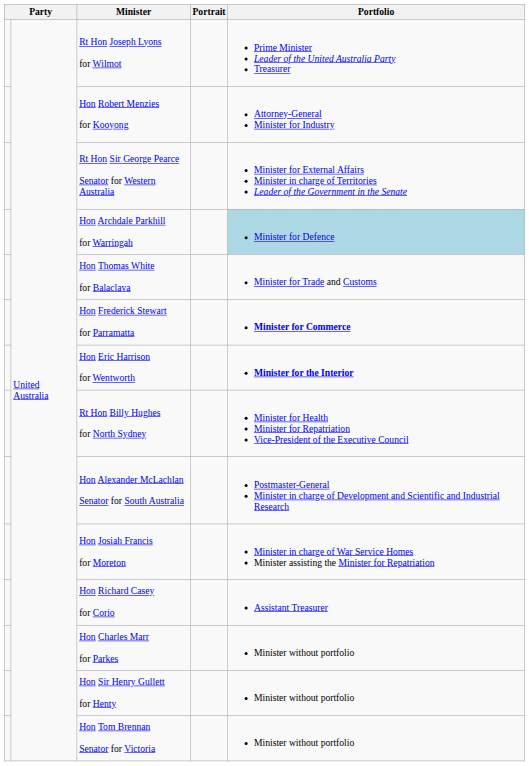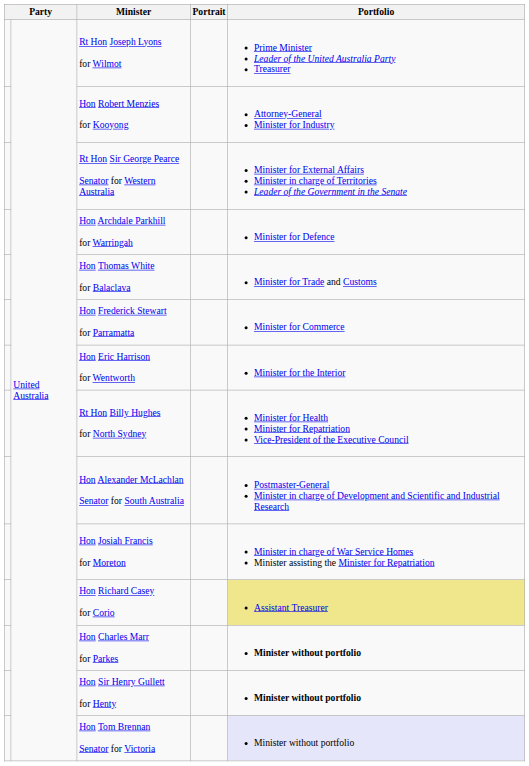 <table class="wikitable sortable">
 <tr>
 <th colspan="2">Party</th>
 <th>Minister</th>
 <th>Portrait</th>
 <th>Portfolio</th>
 </tr>
 <tr>
 <td> </td>
 <td rowspan=14><a href='#'>United Australia</a></td>
 <td><a href='#'>Rt Hon</a> <a href='#'>Joseph Lyons</a> <br><br> for <a href='#'>Wilmot</a> <br></td>
 <td></td>
 <td><br><ul><li><a href='#'>Prime Minister</a></li><li><em><a href='#'>Leader of the United Australia Party</a></em></li><li><a href='#'>Treasurer</a></li></ul></td>
 </tr>
 <tr>
 <td> </td>
 <td><a href='#'>Hon</a> <a href='#'>Robert Menzies</a>  <br><br> for <a href='#'>Kooyong</a> <br></td>
 <td></td>
 <td><br><ul><li><a href='#'>Attorney-General</a></li><li><a href='#'>Minister for Industry</a></li></ul></td>
 </tr>
 <tr>
 <td> </td>
 <td><a href='#'>Rt Hon</a> <a href='#'>Sir George Pearce</a>  <br><br><a href='#'>Senator</a> for <a href='#'>Western Australia</a> <br></td>
 <td></td>
 <td><br><ul><li><a href='#'>Minister for External Affairs</a></li><li><a href='#'>Minister in charge of Territories</a></li><li><em><a href='#'>Leader of the Government in the Senate</a></em></li></ul></td>
 </tr>
 <tr>
 <td> </td>
 <td><a href='#'>Hon</a> <a href='#'>Archdale Parkhill</a> <br><br> for <a href='#'>Warringah</a> <br></td>
 <td></td>
-<td style="background: lightblue;"><br><ul><li><a href='#'>Minister for Defence</a></li></ul></td>
+<td><br><ul><li><a href='#'>Minister for Defence</a></li></ul></td>
 </tr>
 <tr>
 <td> </td>
 <td><a href='#'>Hon</a> <a href='#'>Thomas White</a>   <br><br> for <a href='#'>Balaclava</a> <br></td>
 <td></td>
 <td><br><ul><li><a href='#'>Minister for Trade</a> and <a href='#'>Customs</a></li></ul></td>
 </tr>
 <tr>
 <td> </td>
 <td><a href='#'>Hon</a> <a href='#'>Frederick Stewart</a> <br><br> for <a href='#'>Parramatta</a> <br></td>
 <td></td>
-<td><strong><br><ul><li><a href='#'>Minister for Commerce</a></li></ul></strong></td>
+<td><br><ul><li><a href='#'>Minister for Commerce</a></li></ul></td>
 </tr>
 <tr>
 <td> </td>
 <td><a href='#'>Hon</a> <a href='#'>Eric Harrison</a> <br><br> for <a href='#'>Wentworth</a> <br></td>
 <td></td>
-<td><strong><br><ul><li><a href='#'>Minister for the Interior</a></li></ul></strong></td>
+<td><br><ul><li><a href='#'>Minister for the Interior</a></li></ul></td>
 </tr>
 <tr>
 <td> </td>
 <td><a href='#'>Rt Hon</a> <a href='#'>Billy Hughes</a>  <br><br> for <a href='#'>North Sydney</a> <br></td>
 <td></td>
 <td><br><ul><li><a href='#'>Minister for Health</a></li><li><a href='#'>Minister for Repatriation</a></li><li><a href='#'>Vice-President of the Executive Council</a></li></ul></td>
 </tr>
 <tr>
 <td> </td>
 <td><a href='#'>Hon</a> <a href='#'>Alexander McLachlan</a> <br><br><a href='#'>Senator</a> for <a href='#'>South Australia</a> <br></td>
 <td></td>
 <td><br><ul><li><a href='#'>Postmaster-General</a></li><li><a href='#'>Minister in charge of Development and Scientific and Industrial Research</a></li></ul></td>
 </tr>
 <tr>
 <td> </td>
 <td><a href='#'>Hon</a> <a href='#'>Josiah Francis</a> <br><br> for <a href='#'>Moreton</a> <br></td>
 <td></td>
 <td><br><ul><li><a href='#'>Minister in charge of War Service Homes</a></li><li>Minister assisting the <a href='#'>Minister for Repatriation</a></li></ul></td>
 </tr>
 <tr>
 <td> </td>
 <td><a href='#'>Hon</a> <a href='#'>Richard Casey</a>   <br><br> for <a href='#'>Corio</a> <br></td>
 <td></td>
-<td><br><ul><li><a href='#'>Assistant Treasurer</a></li></ul></td>
+<td style="background: khaki;"><br><ul><li><a href='#'>Assistant Treasurer</a></li></ul></td>
 </tr>
 <tr>
 <td> </td>
 <td><a href='#'>Hon</a> <a href='#'>Charles Marr</a>   <br><br> for <a href='#'>Parkes</a> <br></td>
 <td></td>
-<td><br><ul><li>Minister without portfolio</li></ul></td>
+<td><strong><br><ul><li>Minister without portfolio</li></ul></strong></td>
 </tr>
 <tr>
 <td> </td>
 <td><a href='#'>Hon</a> <a href='#'>Sir Henry Gullett</a>  <br><br> for <a href='#'>Henty</a> <br></td>
 <td></td>
-<td><br><ul><li>Minister without portfolio</li></ul></td>
+<td><strong><br><ul><li>Minister without portfolio</li></ul></strong></td>
 </tr>
 <tr>
 <td> </td>
 <td><a href='#'>Hon</a> <a href='#'>Tom Brennan</a>  <br><br><a href='#'>Senator</a> for <a href='#'>Victoria</a> <br></td>
 <td></td>
-<td><br><ul><li>Minister without portfolio</li></ul></td>
+<td style="background: lavender;"><br><ul><li>Minister without portfolio</li></ul></td>
 </tr>
 </table>
